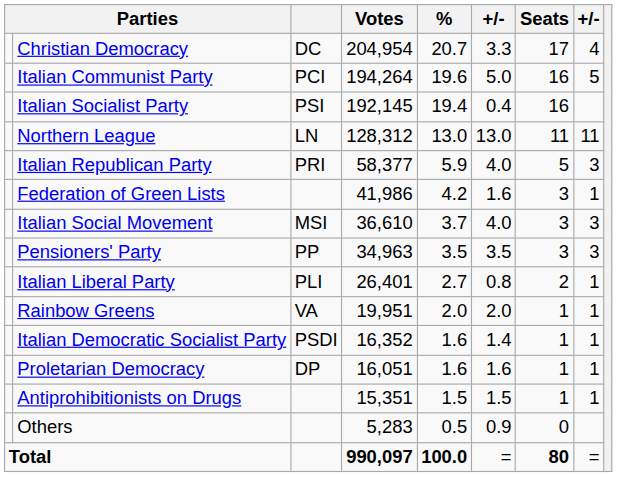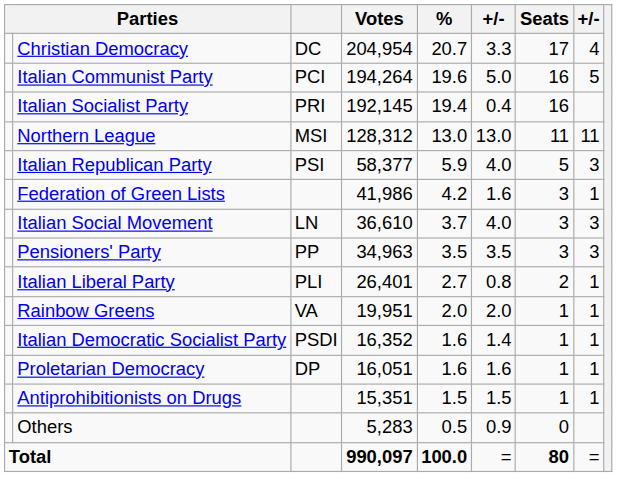 <table class="wikitable">
 <tr>
 <th colspan="2">Parties</th>
 <th></th>
 <th>Votes</th>
 <th>%</th>
 <th>+/-</th>
 <th>Seats</th>
 <th>+/-</th>
 <th rowspan="16"></th>
 </tr>
 <tr>
 <td style="background-color:"></td>
 <td><a href='#'>Christian Democracy</a></td>
 <td>DC</td>
 <td align=right>204,954</td>
 <td align=right>20.7</td>
 <td align=right> 3.3</td>
 <td align=right>17</td>
 <td align=right> 4</td>
 </tr>
 <tr>
 <td style="background-color:"></td>
 <td><a href='#'>Italian Communist Party</a></td>
 <td>PCI</td>
 <td align=right>194,264</td>
 <td align=right>19.6</td>
 <td align=right> 5.0</td>
 <td align=right>16</td>
 <td align=right> 5</td>
 </tr>
 <tr>
 <td style="background-color:"></td>
 <td><a href='#'>Italian Socialist Party</a></td>
-<td>PSI</td>
+<td>PRI</td>
 <td align=right>192,145</td>
 <td align=right>19.4</td>
 <td align=right> 0.4</td>
 <td align=right>16</td>
 <td align=right></td>
 </tr>
 <tr>
 <td style="background-color:"></td>
 <td><a href='#'>Northern League</a></td>
-<td>LN</td>
+<td>MSI</td>
 <td align=right>128,312</td>
 <td align=right>13.0</td>
 <td align=right> 13.0</td>
 <td align=right>11</td>
 <td align=right> 11</td>
 </tr>
 <tr>
 <td style="background-color:"></td>
 <td><a href='#'>Italian Republican Party</a></td>
-<td>PRI</td>
+<td>PSI</td>
 <td align=right>58,377</td>
 <td align=right>5.9</td>
 <td align=right> 4.0</td>
 <td align=right>5</td>
 <td align=right> 3</td>
 </tr>
 <tr>
 <td style="background-color:"></td>
 <td><a href='#'>Federation of Green Lists</a></td>
 <td></td>
 <td align=right>41,986</td>
 <td align=right>4.2</td>
 <td align=right> 1.6</td>
 <td align=right>3</td>
 <td align=right> 1</td>
 </tr>
 <tr>
 <td style="background-color:"></td>
 <td><a href='#'>Italian Social Movement</a></td>
-<td>MSI</td>
+<td>LN</td>
 <td align=right>36,610</td>
 <td align=right>3.7</td>
 <td align=right> 4.0</td>
 <td align=right>3</td>
 <td align=right> 3</td>
 </tr>
 <tr>
 <td style="background-color:"></td>
 <td><a href='#'>Pensioners' Party</a></td>
 <td>PP</td>
 <td align=right>34,963</td>
 <td align=right>3.5</td>
 <td align=right> 3.5</td>
 <td align=right>3</td>
 <td align=right> 3</td>
 </tr>
 <tr>
 <td style="background-color:"></td>
 <td><a href='#'>Italian Liberal Party</a></td>
 <td>PLI</td>
 <td align=right>26,401</td>
 <td align=right>2.7</td>
 <td align=right> 0.8</td>
 <td align=right>2</td>
 <td align=right> 1</td>
 </tr>
 <tr>
 <td style="background-color:"></td>
 <td><a href='#'>Rainbow Greens</a></td>
 <td>VA</td>
 <td align=right>19,951</td>
 <td align=right>2.0</td>
 <td align=right> 2.0</td>
 <td align=right>1</td>
 <td align=right> 1</td>
 </tr>
 <tr>
 <td style="background-color:"></td>
 <td><a href='#'>Italian Democratic Socialist Party</a></td>
 <td>PSDI</td>
 <td align=right>16,352</td>
 <td align=right>1.6</td>
 <td align=right> 1.4</td>
 <td align=right>1</td>
 <td align=right> 1</td>
 </tr>
 <tr>
 <td style="background-color:"></td>
 <td><a href='#'>Proletarian Democracy</a></td>
 <td>DP</td>
 <td align=right>16,051</td>
 <td align=right>1.6</td>
 <td align=right> 1.6</td>
 <td align=right>1</td>
 <td align=right> 1</td>
 </tr>
 <tr>
 <td style="background-color:"></td>
 <td><a href='#'>Antiprohibitionists on Drugs</a></td>
 <td></td>
 <td align=right>15,351</td>
 <td align=right>1.5</td>
 <td align=right> 1.5</td>
 <td align=right>1</td>
 <td align=right> 1</td>
 </tr>
 <tr>
 <td style="background-color:"></td>
 <td>Others</td>
 <td></td>
 <td align=right>5,283</td>
 <td align=right>0.5</td>
 <td align=right> 0.9</td>
 <td align=right>0</td>
 <td align=right></td>
 </tr>
 <tr>
 <td colspan="2"><strong>Total</strong></td>
 <td></td>
 <td align=right><strong>990,097</strong></td>
 <td align=right><strong>100.0</strong></td>
 <td align=right>=</td>
 <td align=right><strong>80</strong></td>
 <td align=right>=</td>
 </tr>
 </table>
